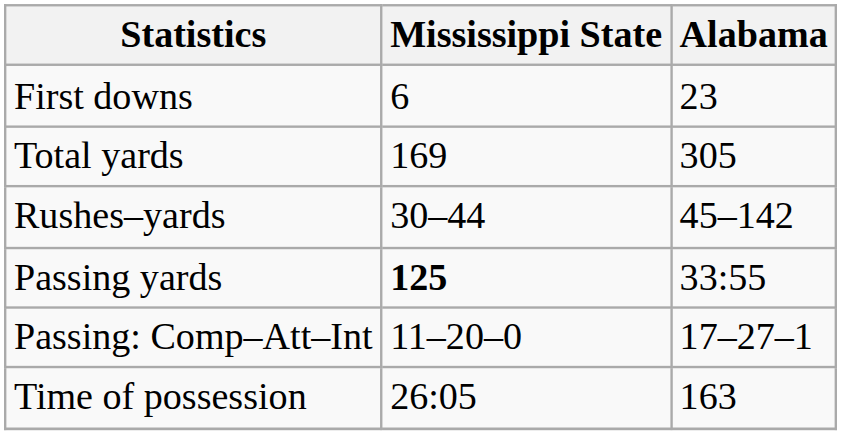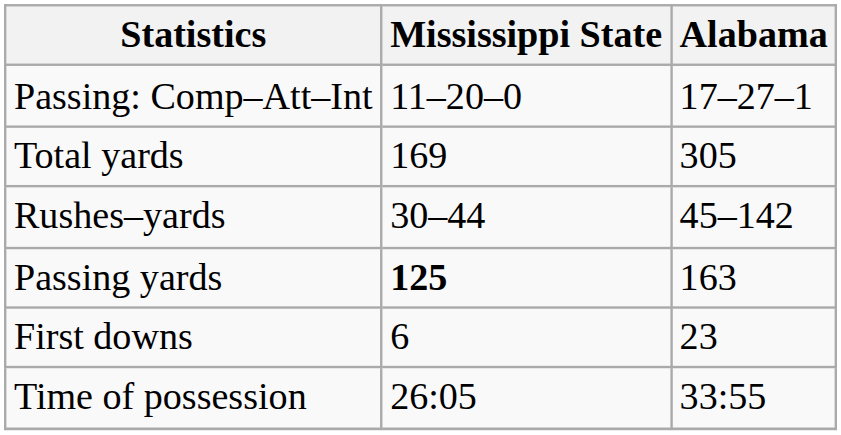 <table class="wikitable" style="float: left;">
 <tr>
 <th>Statistics</th>
 <th>Mississippi State</th>
 <th>Alabama</th>
 </tr>
 <tr>
-<td>First downs</td>
-<td>6</td>
-<td>23</td>
+<td>Passing: Comp–Att–Int</td>
+<td>11–20–0</td>
+<td>17–27–1</td>
 </tr>
 <tr>
 <td>Total yards</td>
 <td>169</td>
 <td>305</td>
 </tr>
 <tr>
 <td>Rushes–yards</td>
 <td>30–44</td>
 <td>45–142</td>
 </tr>
 <tr>
 <td>Passing yards</td>
 <td><strong>125</strong></td>
-<td>33:55</td>
+<td>163</td>
 </tr>
 <tr>
-<td>Passing: Comp–Att–Int</td>
-<td>11–20–0</td>
-<td>17–27–1</td>
+<td>First downs</td>
+<td>6</td>
+<td>23</td>
 </tr>
 <tr>
 <td>Time of possession</td>
 <td>26:05</td>
-<td>163</td>
+<td>33:55</td>
 </tr>
 <tr>
 </tr>
 </table>
